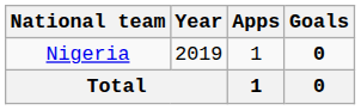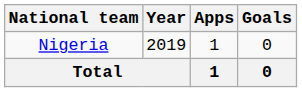 <table class=wikitable style=text-align:center>
 <tr>
 <th>National team</th>
 <th>Year</th>
 <th>Apps</th>
 <th>Goals</th>
 </tr>
 <tr>
 <td><a href='#'>Nigeria</a></td>
 <td>2019</td>
 <td>1</td>
-<td><strong>0</strong></td>
+<td>0</td>
 </tr>
 <tr>
 <th colspan=2>Total</th>
 <th>1</th>
 <th>0</th>
 </tr>
 </table>
